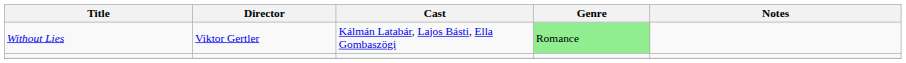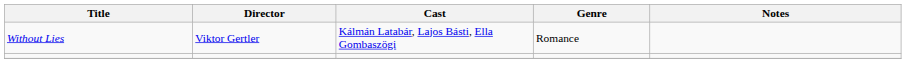 <table class="wikitable" style="width:100%;">
 <tr>
 <th style="width:21%;">Title</th>
 <th style="width:16%;">Director</th>
 <th style="width:22%;">Cast</th>
 <th style="width:13%;">Genre</th>
 <th style="width:28%;">Notes</th>
 </tr>
 <tr>
 <td><em><a href='#'>Without Lies</a></em></td>
 <td><a href='#'>Viktor Gertler</a></td>
 <td><a href='#'>Kálmán Latabár</a>, <a href='#'>Lajos Básti</a>, <a href='#'>Ella Gombaszögi</a></td>
-<td style="background: lightgreen;">Romance</td>
+<td>Romance</td>
 <td></td>
 </tr>
 <tr>
 <td></td>
 <td></td>
 <td></td>
 <td></td>
 <td></td>
 </tr>
 <tr>
 </tr>
 </table>
